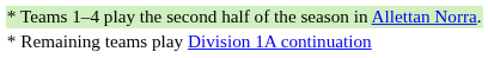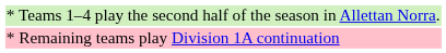 <table>
 <tr style="background: #D0F0C0;">
 <td>* Teams 1–4 play the second half of the season in <a href='#'>Allettan Norra</a>.</td>
 </tr>
 <tr>
-<td>* Remaining teams play <a href='#'>Division 1A continuation</a></td>
+<td style="background: pink;">* Remaining teams play <a href='#'>Division 1A continuation</a></td>
 </tr>
 </table>
